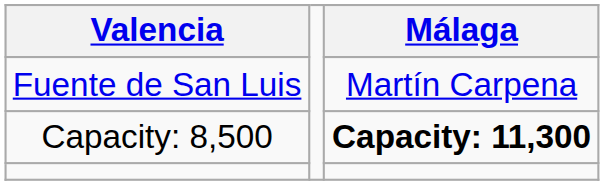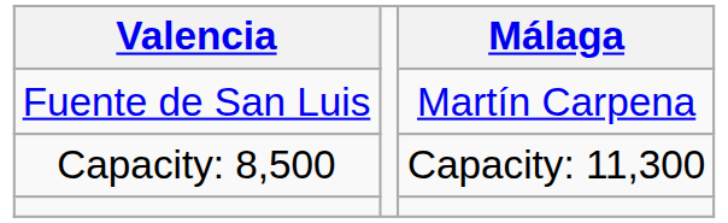 <table class="wikitable" style="margin:1em auto; text-align:center">
 <tr>
 <th><a href='#'>Valencia</a></th>
 <td rowspan=4></td>
 <th><a href='#'>Málaga</a></th>
 </tr>
 <tr>
 <td><a href='#'>Fuente de San Luis</a></td>
 <td><a href='#'>Martín Carpena</a></td>
 </tr>
 <tr>
 <td>Capacity: 8,500</td>
-<td><strong>Capacity: 11,300</strong></td>
+<td>Capacity: 11,300</td>
 </tr>
 <tr>
 <td></td>
 <td></td>
 </tr>
 </table>
